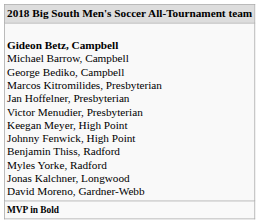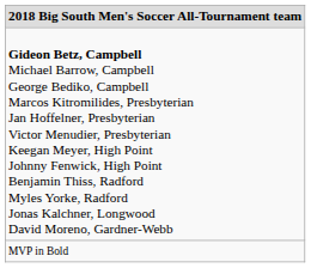 <table class="wikitable" style="white-space:nowrap; font-size:90%;">
 <tr>
 <td colspan="7" style="text-align:center; background:#ddd;"><strong>2018 Big South Men's Soccer All-Tournament team</strong></td>
 </tr>
 <tr>
 <td><br><strong>Gideon Betz, Campbell</strong><br> Michael Barrow, Campbell<br> George Bediko, Campbell<br> Marcos Kitromilides, Presbyterian<br> Jan Hoffelner, Presbyterian<br> Victor Menudier, Presbyterian<br> Keegan Meyer, High Point<br> Johnny Fenwick, High Point<br> Benjamin Thiss, Radford<br> Myles Yorke, Radford<br> Jonas Kalchner, Longwood<br> David Moreno, Gardner-Webb</td>
 </tr>
 <tr>
-<td><strong><small>MVP in Bold</small></strong></td>
+<td><small>MVP in Bold</small></td>
 </tr>
 </table>
